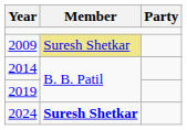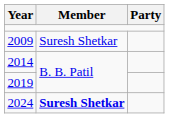 <table class="wikitable sortable">
 <tr>
 <th>Year</th>
 <th>Member</th>
 <th colspan="2">Party</th>
 </tr>
 <tr>
 <td colspan="4"></td>
 </tr>
 <tr>
 <td><a href='#'>2009</a></td>
-<td style="background: khaki;"><a href='#'>Suresh Shetkar</a></td>
+<td><a href='#'>Suresh Shetkar</a></td>
 <td></td>
 </tr>
 <tr>
 <td><a href='#'>2014</a></td>
 <td rowspan="2"><a href='#'>B. B. Patil</a></td>
 <td></td>
 </tr>
 <tr>
 <td><a href='#'>2019</a></td>
 </tr>
 <tr>
 <td><a href='#'> 2024</a></td>
 <td><strong><a href='#'>Suresh Shetkar</a></strong></td>
 <td></td>
 </tr>
 </table>
